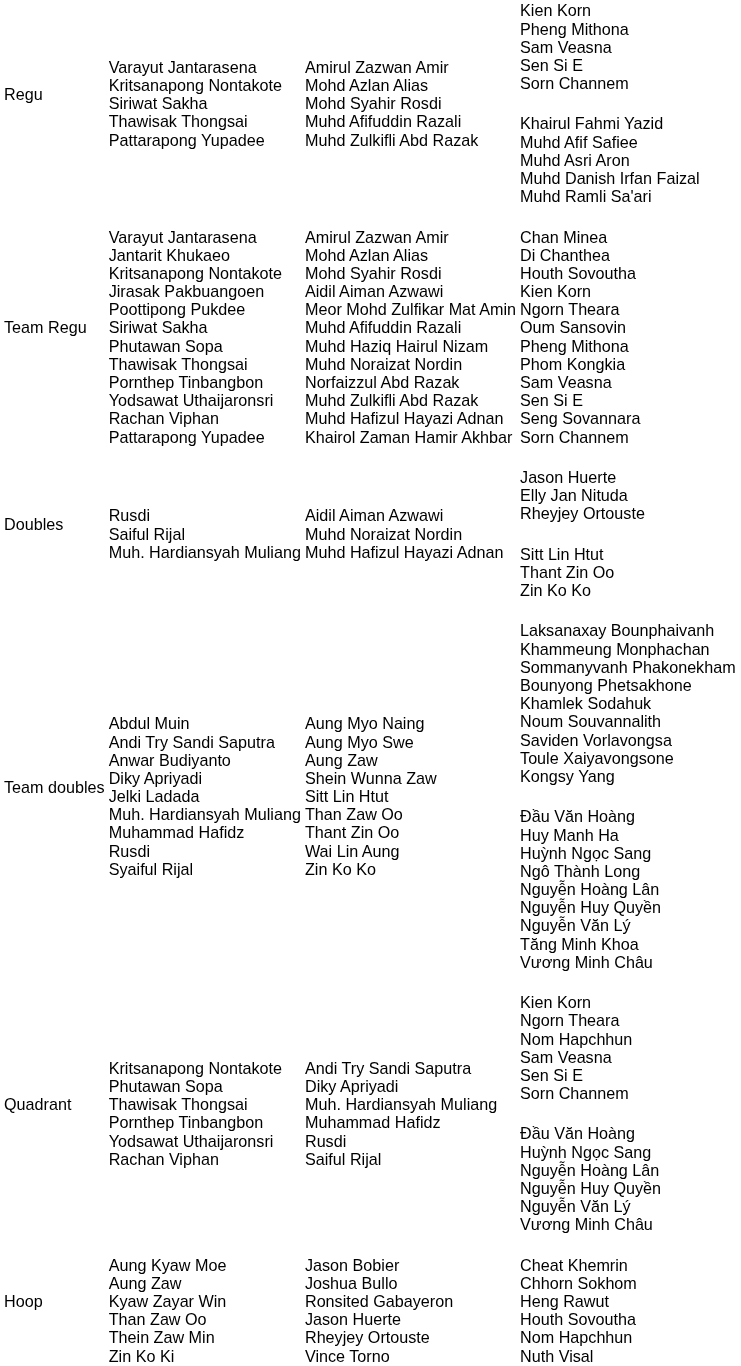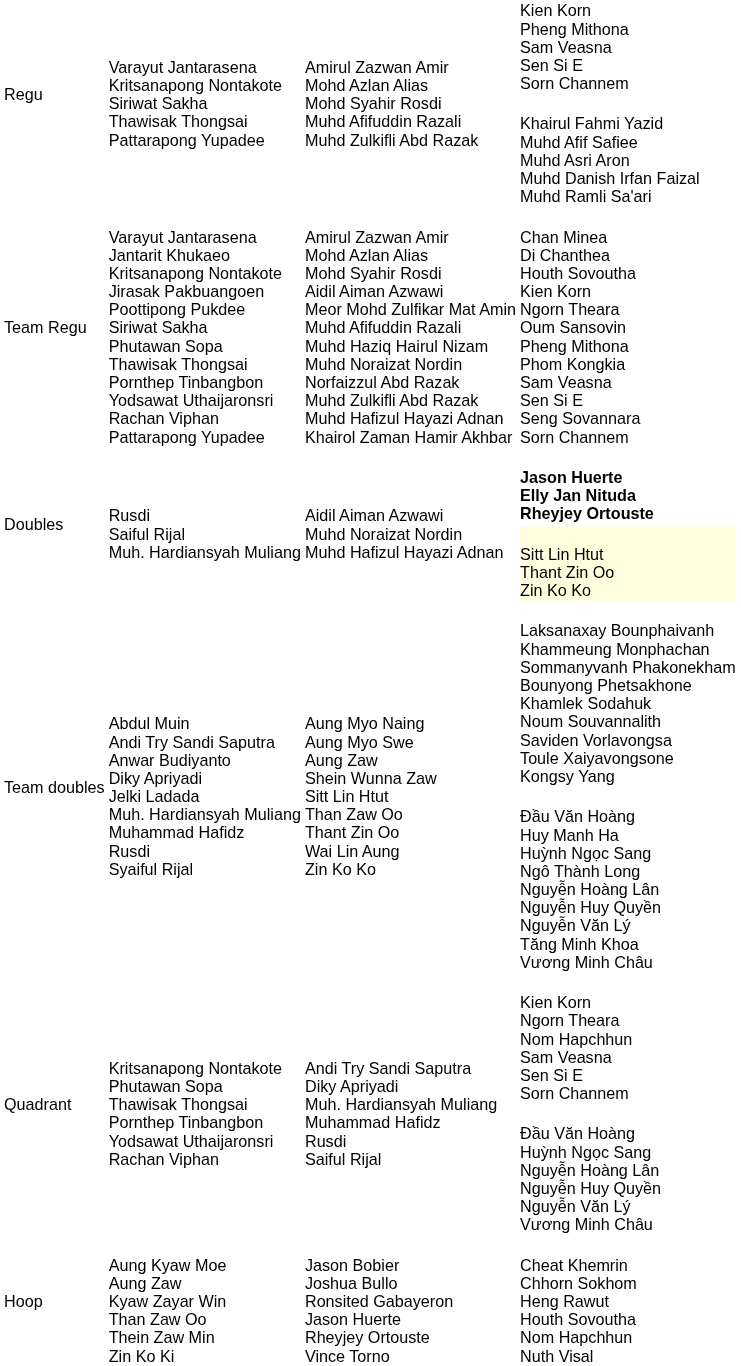 <table>
 <tr>
 <td rowspan=2>Regu</td>
 <td rowspan=2><br>Varayut Jantarasena<br>Kritsanapong Nontakote<br>Siriwat Sakha<br>Thawisak Thongsai<br>Pattarapong Yupadee</td>
 <td rowspan=2><br>Amirul Zazwan Amir<br>Mohd Azlan Alias<br>Mohd Syahir Rosdi<br>Muhd Afifuddin Razali<br>Muhd Zulkifli Abd Razak</td>
 <td><br>Kien Korn<br>Pheng Mithona<br>Sam Veasna<br>Sen Si E<br>Sorn Channem</td>
 </tr>
 <tr>
 <td><br>Khairul Fahmi Yazid<br>Muhd Afif Safiee<br>Muhd Asri Aron<br>Muhd Danish Irfan Faizal<br>Muhd Ramli Sa'ari</td>
 </tr>
 <tr>
 <td>Team Regu</td>
 <td><br>Varayut Jantarasena<br>Jantarit Khukaeo<br>Kritsanapong Nontakote<br>Jirasak Pakbuangoen<br>Poottipong Pukdee<br>Siriwat Sakha<br>Phutawan Sopa<br>Thawisak Thongsai<br>Pornthep Tinbangbon<br>Yodsawat Uthaijaronsri<br>Rachan Viphan<br>Pattarapong Yupadee</td>
 <td nowrap><br>Amirul Zazwan Amir<br>Mohd Azlan Alias<br>Mohd Syahir Rosdi<br>Aidil Aiman Azwawi<br>Meor Mohd Zulfikar Mat Amin<br>Muhd Afifuddin Razali<br>Muhd Haziq Hairul Nizam<br>Muhd Noraizat Nordin<br>Norfaizzul Abd Razak<br>Muhd Zulkifli Abd Razak<br>Muhd Hafizul Hayazi Adnan<br>Khairol Zaman Hamir Akhbar</td>
 <td><br>Chan Minea<br>Di Chanthea<br>Houth Sovoutha<br>Kien Korn<br>Ngorn Theara<br>Oum Sansovin<br>Pheng Mithona<br>Phom Kongkia<br>Sam Veasna<br>Sen Si E<br>Seng Sovannara<br>Sorn Channem</td>
 </tr>
 <tr>
 <td rowspan=2>Doubles</td>
 <td rowspan=2 nowrap><br>Rusdi<br>Saiful Rijal<br>Muh. Hardiansyah Muliang</td>
 <td rowspan=2><br>Aidil Aiman Azwawi<br>Muhd Noraizat Nordin<br>Muhd Hafizul Hayazi Adnan</td>
-<td><br>Jason Huerte<br>Elly Jan Nituda<br>Rheyjey Ortouste</td>
+<td><strong><br>Jason Huerte<br>Elly Jan Nituda<br>Rheyjey Ortouste</strong></td>
 </tr>
 <tr>
-<td><br>Sitt Lin Htut<br>Thant Zin Oo<br>Zin Ko Ko</td>
+<td style="background: lightyellow;"><br>Sitt Lin Htut<br>Thant Zin Oo<br>Zin Ko Ko</td>
 </tr>
 <tr>
 <td rowspan=2>Team doubles</td>
 <td rowspan=2><br>Abdul Muin<br>Andi Try Sandi Saputra<br>Anwar Budiyanto<br>Diky Apriyadi<br>Jelki Ladada<br>Muh. Hardiansyah Muliang<br>Muhammad Hafidz<br>Rusdi<br>Syaiful Rijal</td>
 <td rowspan=2><br>Aung Myo Naing<br>Aung Myo Swe<br>Aung Zaw<br>Shein Wunna Zaw<br>Sitt Lin Htut<br>Than Zaw Oo<br>Thant Zin Oo<br>Wai Lin Aung<br>Zin Ko Ko</td>
 <td nowrap><br>Laksanaxay Bounphaivanh<br>Khammeung Monphachan<br>Sommanyvanh Phakonekham<br>Bounyong Phetsakhone<br>Khamlek Sodahuk<br>Noum Souvannalith<br>Saviden Vorlavongsa<br>Toule Xaiyavongsone<br>Kongsy Yang</td>
 </tr>
 <tr>
 <td><br>Đầu Văn Hoàng<br>Huy Manh Ha<br>Huỳnh Ngọc Sang<br>Ngô Thành Long<br>Nguyễn Hoàng Lân<br>Nguyễn Huy Quyền<br>Nguyễn Văn Lý<br>Tăng Minh Khoa<br>Vương Minh Châu</td>
 </tr>
 <tr>
 <td rowspan=2>Quadrant</td>
 <td rowspan=2><br>Kritsanapong Nontakote<br>Phutawan Sopa<br>Thawisak Thongsai<br>Pornthep Tinbangbon<br>Yodsawat Uthaijaronsri<br>Rachan Viphan</td>
 <td rowspan=2><br>Andi Try Sandi Saputra<br>Diky Apriyadi<br>Muh. Hardiansyah Muliang<br>Muhammad Hafidz<br>Rusdi<br>Saiful Rijal</td>
 <td><br>Kien Korn<br>Ngorn Theara<br>Nom Hapchhun<br>Sam Veasna<br>Sen Si E<br>Sorn Channem</td>
 </tr>
 <tr>
 <td><br>Đầu Văn Hoàng<br>Huỳnh Ngọc Sang<br>Nguyễn Hoàng Lân<br>Nguyễn Huy Quyền<br>Nguyễn Văn Lý<br>Vương Minh Châu</td>
 </tr>
 <tr>
 <td>Hoop</td>
 <td><br>Aung Kyaw Moe<br>Aung Zaw<br>Kyaw Zayar Win<br>Than Zaw Oo<br>Thein Zaw Min<br>Zin Ko Ki</td>
 <td><br>Jason Bobier<br>Joshua Bullo<br>Ronsited Gabayeron<br>Jason Huerte<br>Rheyjey Ortouste<br>Vince Torno</td>
 <td><br>Cheat Khemrin<br>Chhorn Sokhom<br>Heng Rawut<br>Houth Sovoutha<br>Nom Hapchhun<br>Nuth Visal</td>
 </tr>
 </table>
